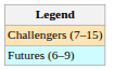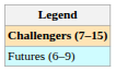 <table class=wikitable style=font-size:90%>
 <tr>
 <th>Legend</th>
 </tr>
 <tr bgcolor=moccasin>
-<td>Challengers (7–15)</td>
+<td><strong>Challengers (7–15)</strong></td>
 </tr>
 <tr bgcolor=CFFCFF>
 <td>Futures (6–9)</td>
 </tr>
 </table>
